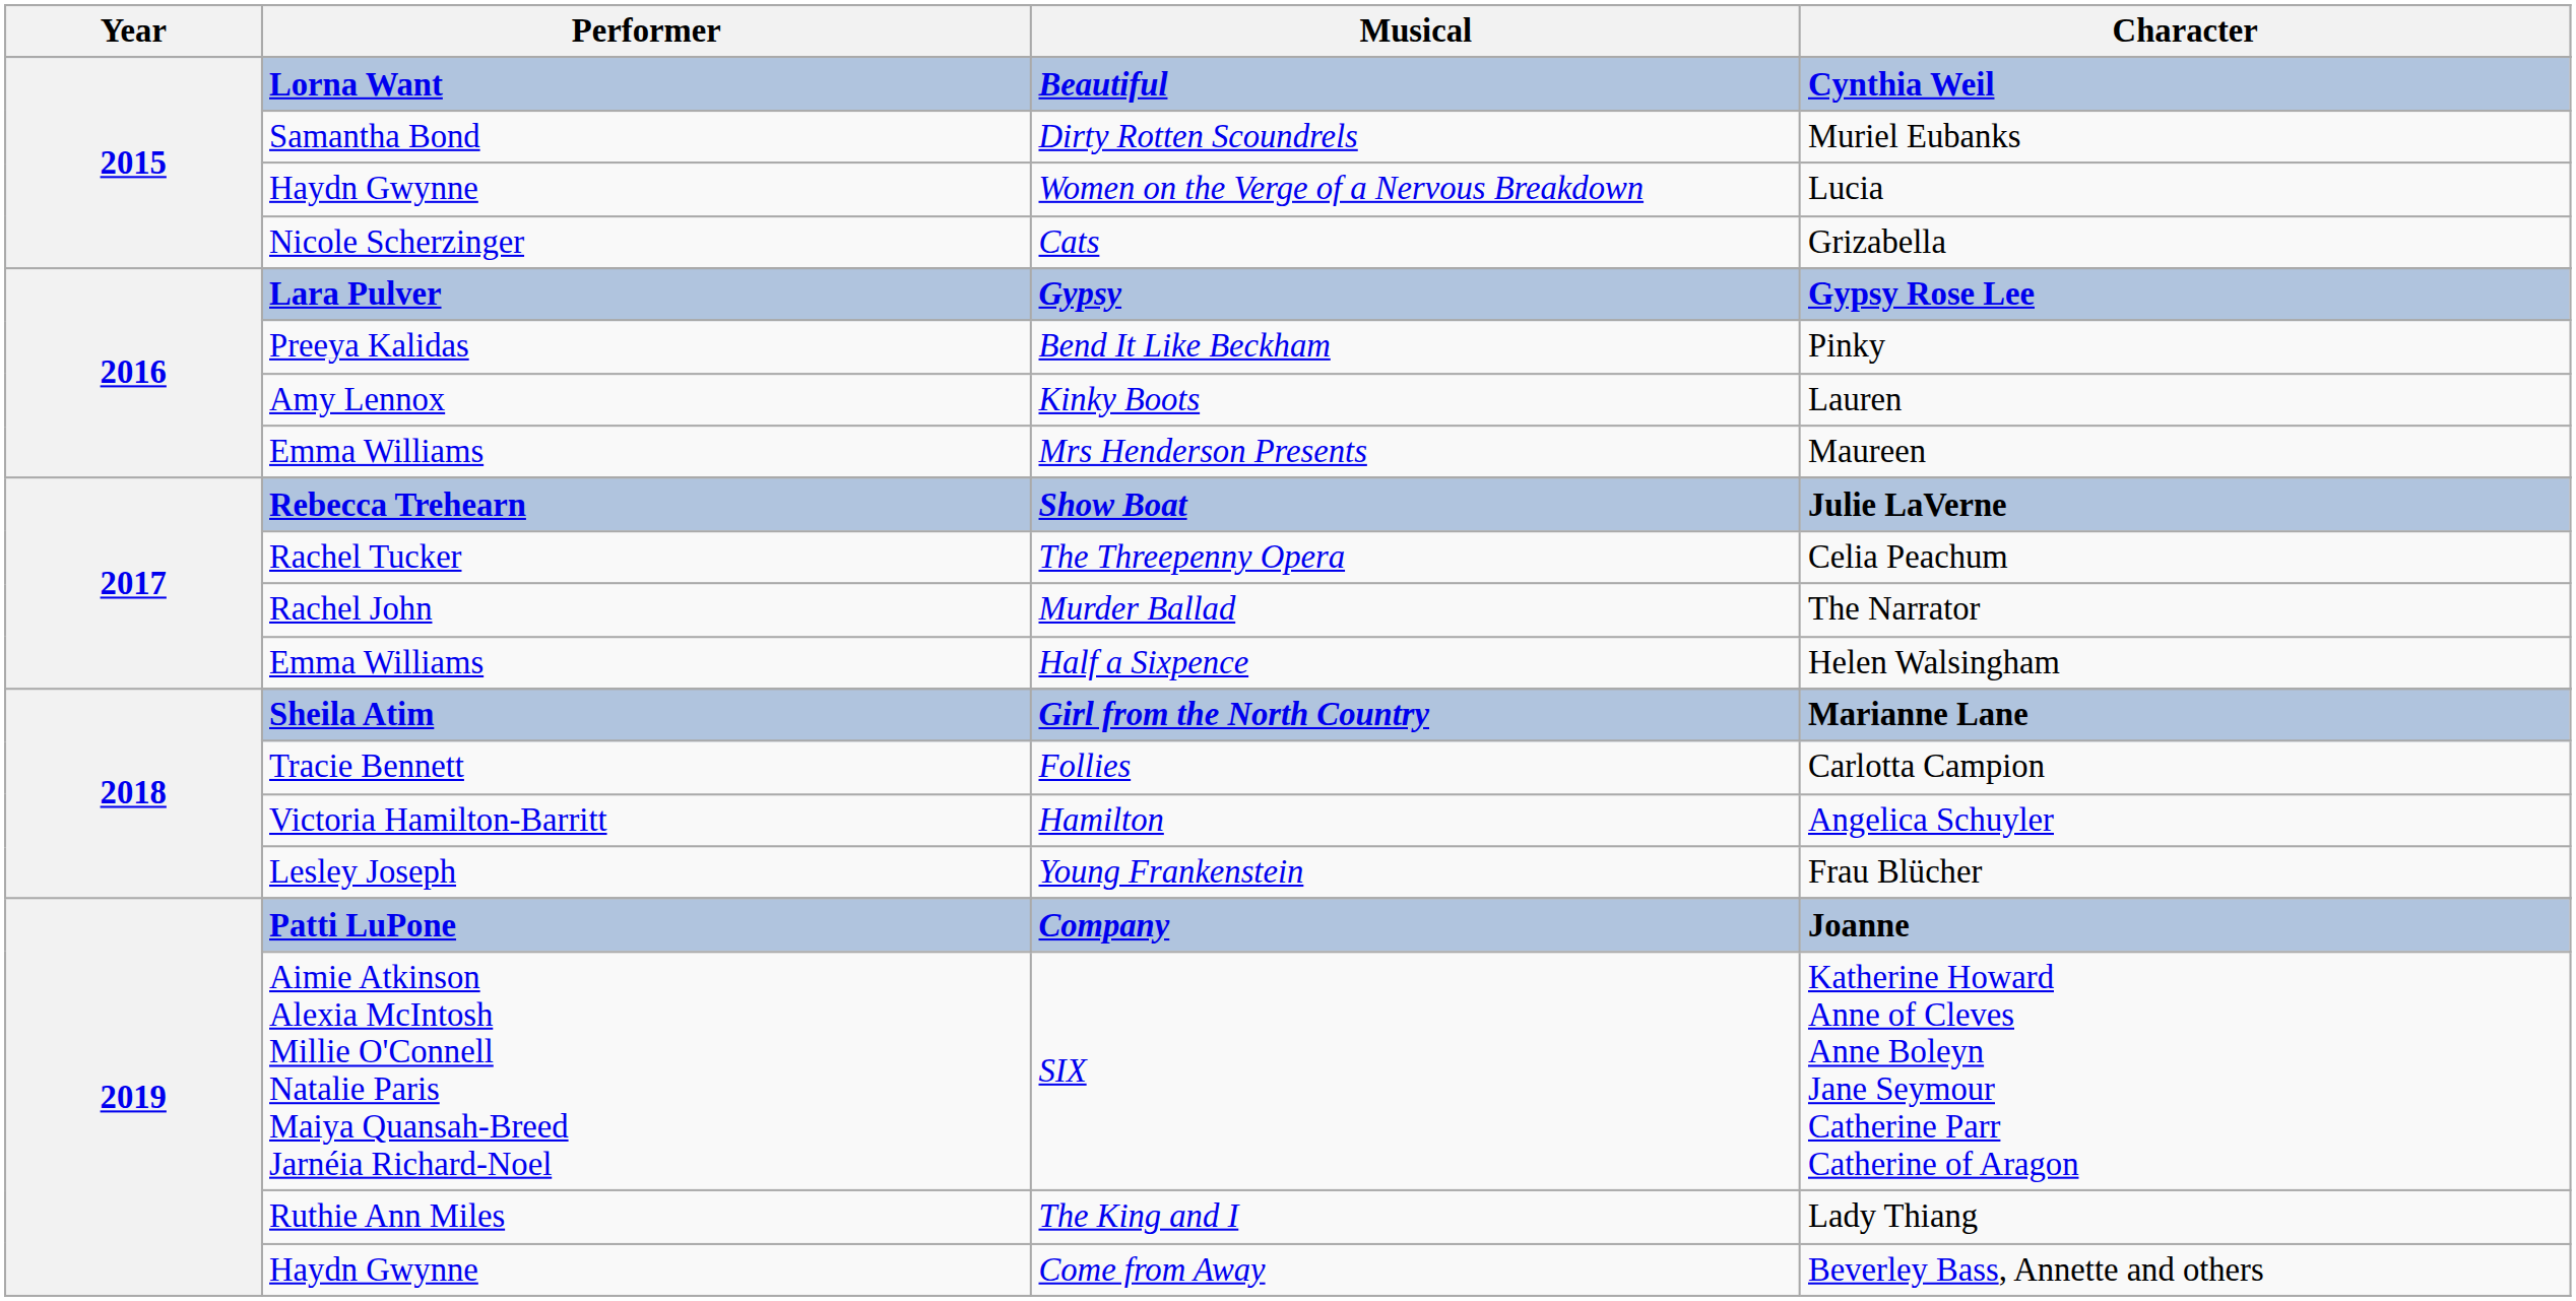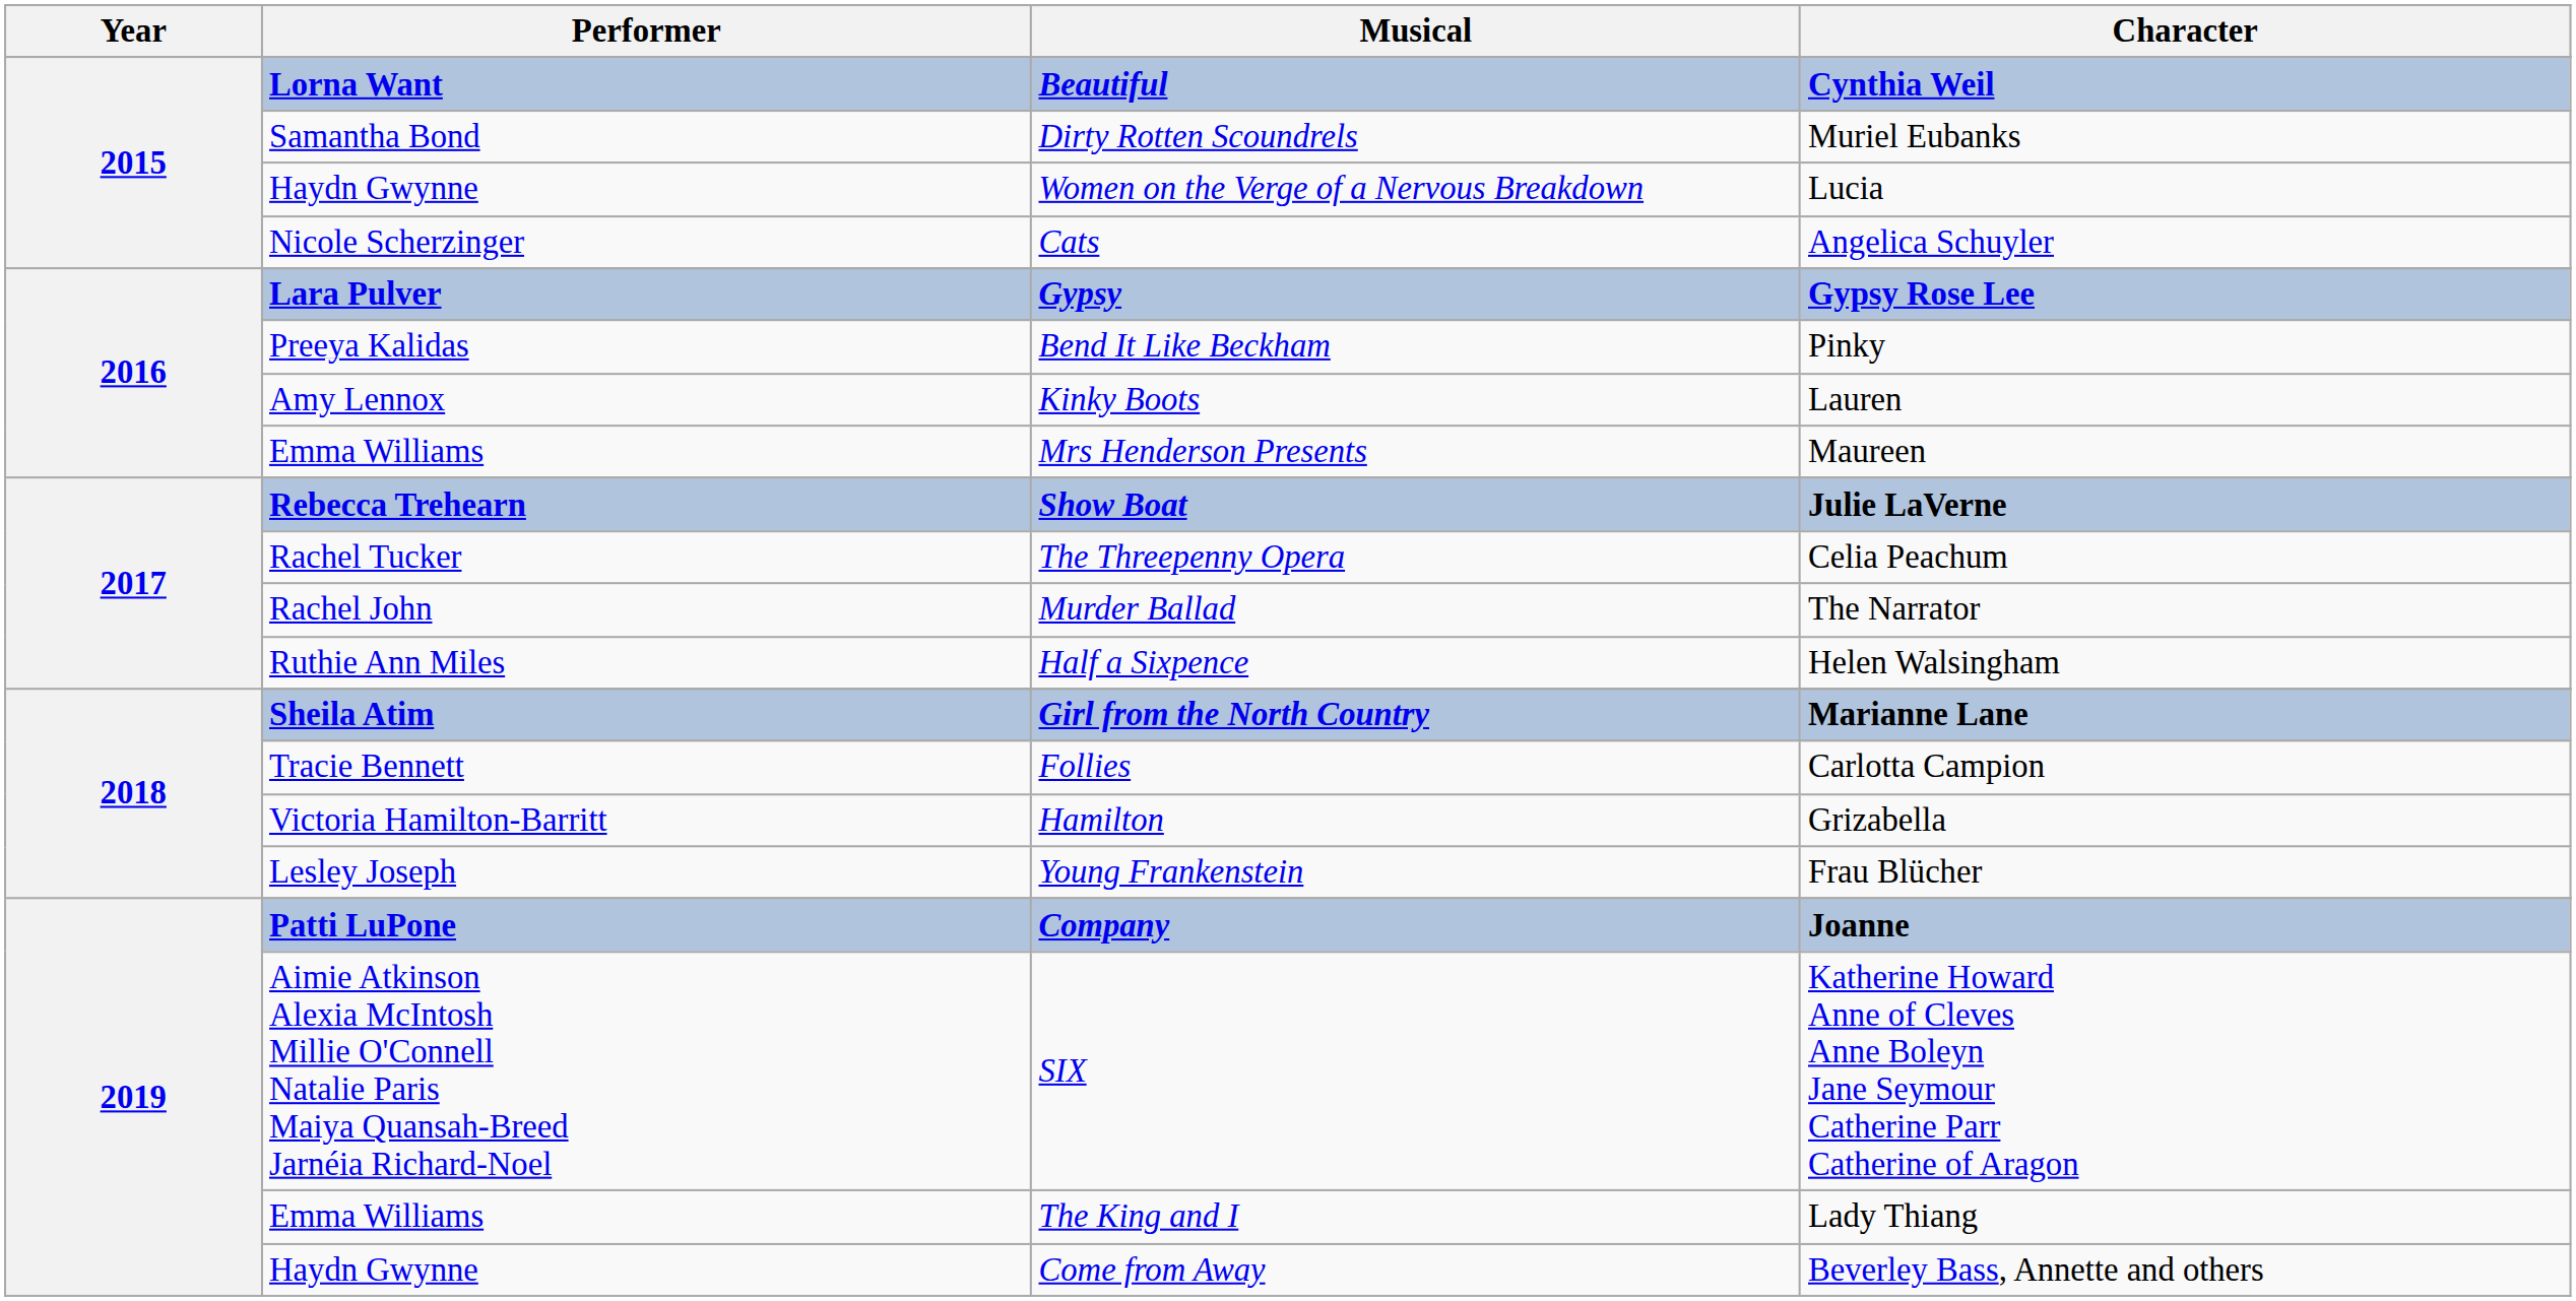 <table class="wikitable" style="width:98%;">
 <tr style="background:#bebebe;">
 <th style="width:10%;">Year</th>
 <th style="width:30%;">Performer</th>
 <th style="width:30%;">Musical</th>
 <th style="width:30%;">Character</th>
 </tr>
 <tr>
 </tr>
 <tr style="background:#B0C4DE">
 <th rowspan="4"><a href='#'>2015</a></th>
 <td><strong><a href='#'>Lorna Want</a></strong></td>
 <td><strong><em><a href='#'>Beautiful</a></em></strong></td>
 <td><strong><a href='#'>Cynthia Weil</a></strong></td>
 </tr>
 <tr>
 <td><a href='#'>Samantha Bond</a></td>
 <td><em><a href='#'>Dirty Rotten Scoundrels</a></em></td>
 <td>Muriel Eubanks</td>
 </tr>
 <tr>
 <td><a href='#'>Haydn Gwynne</a></td>
 <td><em><a href='#'>Women on the Verge of a Nervous Breakdown</a></em></td>
 <td>Lucia</td>
 </tr>
 <tr>
 <td><a href='#'>Nicole Scherzinger</a></td>
 <td><em><a href='#'>Cats</a></em></td>
-<td>Grizabella</td>
+<td><a href='#'>Angelica Schuyler</a></td>
 </tr>
 <tr>
 <th rowspan="5" align="center"><a href='#'>2016</a></th>
 </tr>
 <tr style="background:#B0C4DE">
 <td><strong><a href='#'>Lara Pulver</a></strong></td>
 <td><strong><em><a href='#'>Gypsy</a></em></strong></td>
 <td><strong><a href='#'>Gypsy Rose Lee</a></strong></td>
 </tr>
 <tr>
 <td><a href='#'>Preeya Kalidas</a></td>
 <td><em><a href='#'>Bend It Like Beckham</a></em></td>
 <td>Pinky</td>
 </tr>
 <tr>
 <td><a href='#'>Amy Lennox</a></td>
 <td><em><a href='#'>Kinky Boots</a></em></td>
 <td>Lauren</td>
 </tr>
 <tr>
 <td><a href='#'>Emma Williams</a></td>
 <td><em><a href='#'>Mrs Henderson Presents</a></em></td>
 <td>Maureen</td>
 </tr>
 <tr>
 <th rowspan="5" align="center"><a href='#'>2017</a></th>
 </tr>
 <tr style="background:#B0C4DE">
 <td><strong><a href='#'>Rebecca Trehearn</a></strong></td>
 <td><strong><em><a href='#'>Show Boat</a></em></strong></td>
 <td><strong>Julie LaVerne</strong></td>
 </tr>
 <tr>
 <td><a href='#'>Rachel Tucker</a></td>
 <td><em><a href='#'>The Threepenny Opera</a></em></td>
 <td>Celia Peachum</td>
 </tr>
 <tr>
 <td><a href='#'>Rachel John</a></td>
 <td><em><a href='#'>Murder Ballad</a></em></td>
 <td>The Narrator</td>
 </tr>
 <tr>
-<td><a href='#'>Emma Williams</a></td>
+<td><a href='#'>Ruthie Ann Miles</a></td>
 <td><em><a href='#'>Half a Sixpence</a></em></td>
 <td>Helen Walsingham</td>
 </tr>
 <tr>
 <th rowspan="5"><a href='#'>2018</a></th>
 </tr>
 <tr style="background:#B0C4DE">
 <td><strong><a href='#'>Sheila Atim</a></strong></td>
 <td><a href='#'><strong><em>Girl from the North Country</em></strong></a></td>
 <td><strong>Marianne Lane</strong></td>
 </tr>
 <tr>
 <td><a href='#'>Tracie Bennett</a></td>
 <td><em><a href='#'>Follies</a></em></td>
 <td>Carlotta Campion</td>
 </tr>
 <tr>
 <td><a href='#'>Victoria Hamilton-Barritt</a></td>
 <td><a href='#'><em>Hamilton</em></a></td>
-<td><a href='#'>Angelica Schuyler</a></td>
+<td>Grizabella</td>
 </tr>
 <tr>
 <td><a href='#'>Lesley Joseph</a></td>
 <td><a href='#'><em>Young Frankenstein</em></a></td>
 <td>Frau Blücher</td>
 </tr>
 <tr>
 <th rowspan=5><a href='#'>2019</a></th>
 </tr>
 <tr style="background:#B0C4DE">
 <td><strong><a href='#'>Patti LuPone</a></strong></td>
 <td><strong><em><a href='#'>Company</a></em></strong></td>
 <td><strong>Joanne</strong></td>
 </tr>
 <tr>
 <td><a href='#'>Aimie Atkinson</a><br><a href='#'>Alexia McIntosh</a><br><a href='#'>Millie O'Connell</a><br><a href='#'>Natalie Paris</a><br><a href='#'>Maiya Quansah-Breed</a><br><a href='#'>Jarnéia Richard-Noel</a></td>
 <td><em><a href='#'>SIX</a></em></td>
 <td><a href='#'>Katherine Howard</a><br><a href='#'>Anne of Cleves</a><br><a href='#'>Anne Boleyn</a><br><a href='#'>Jane Seymour</a><br><a href='#'>Catherine Parr</a><br><a href='#'>Catherine of Aragon</a></td>
 </tr>
 <tr>
-<td><a href='#'>Ruthie Ann Miles</a></td>
+<td><a href='#'>Emma Williams</a></td>
 <td><em><a href='#'>The King and I</a></em></td>
 <td>Lady Thiang</td>
 </tr>
 <tr>
 <td><a href='#'>Haydn Gwynne</a></td>
 <td><em><a href='#'>Come from Away</a></em></td>
 <td><a href='#'>Beverley Bass</a>, Annette and others</td>
 </tr>
 </table>
